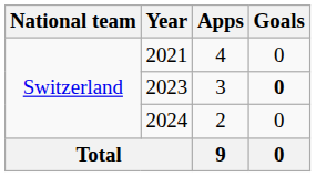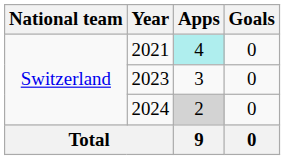 <table class="wikitable" style="text-align:center">
 <tr>
 <th>National team</th>
 <th>Year</th>
 <th>Apps</th>
 <th>Goals</th>
 </tr>
 <tr>
 <td rowspan="3"><a href='#'>Switzerland</a></td>
 <td>2021</td>
-<td>4</td>
+<td style="background: paleturquoise;">4</td>
 <td>0</td>
 </tr>
 <tr>
 <td>2023</td>
 <td>3</td>
-<td><strong>0</strong></td>
+<td>0</td>
 </tr>
 <tr>
 <td>2024</td>
-<td>2</td>
+<td style="background: lightgrey;">2</td>
 <td>0</td>
 </tr>
 <tr>
 <th colspan="2">Total</th>
 <th>9</th>
 <th>0</th>
 </tr>
 </table>
